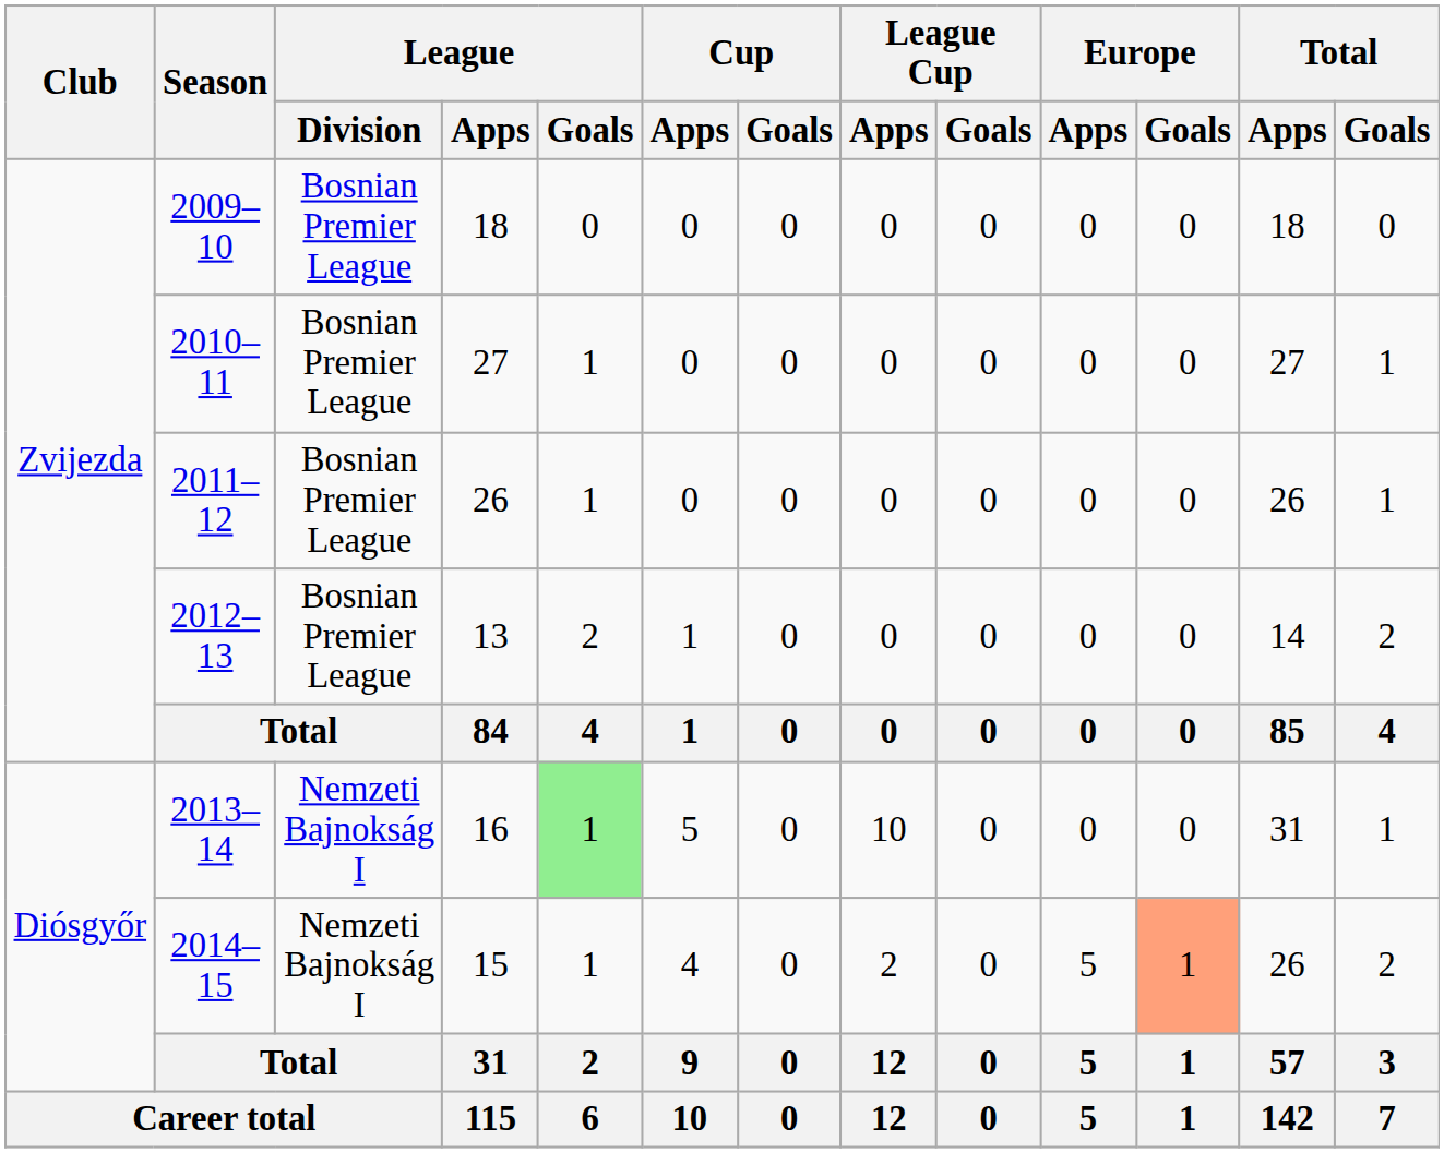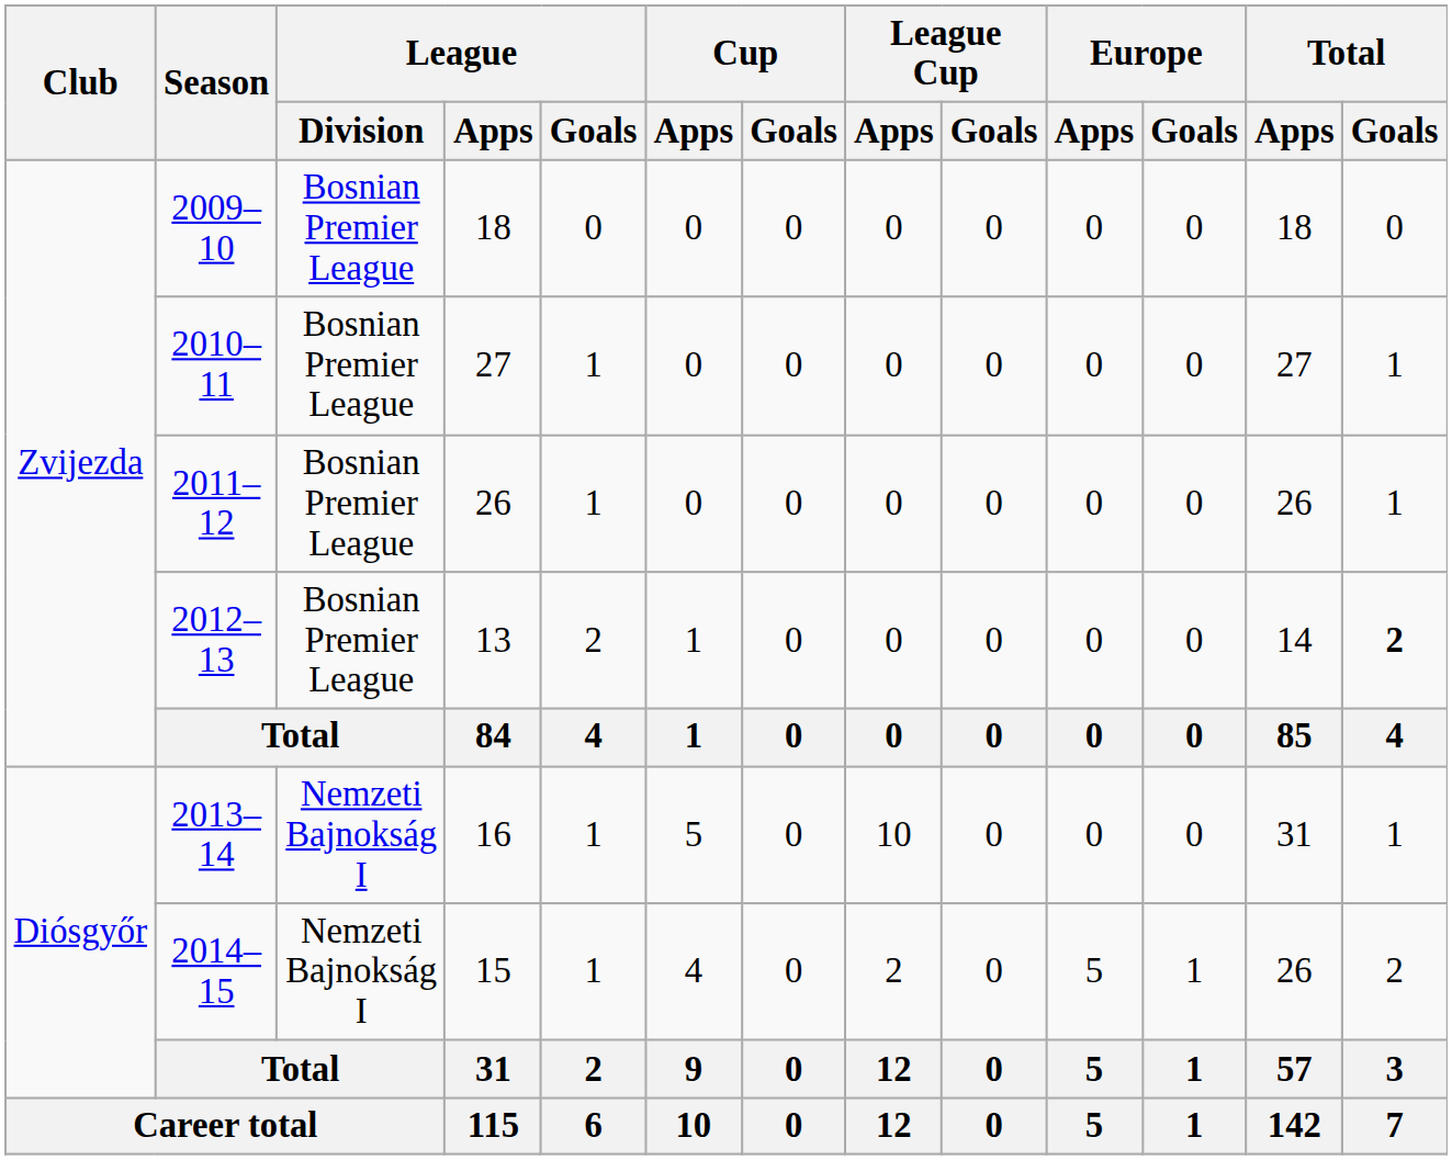 <table class="wikitable" style="text-align: center">
 <tr>
 <th rowspan="2">Club</th>
 <th rowspan="2">Season</th>
 <th colspan="3">League</th>
 <th colspan="2">Cup</th>
 <th colspan="2">League Cup</th>
 <th colspan="2">Europe</th>
 <th colspan="2">Total</th>
 </tr>
 <tr>
 <th>Division</th>
 <th>Apps</th>
 <th>Goals</th>
 <th>Apps</th>
 <th>Goals</th>
 <th>Apps</th>
 <th>Goals</th>
 <th>Apps</th>
 <th>Goals</th>
 <th>Apps</th>
 <th>Goals</th>
 </tr>
 <tr>
 <td rowspan="5"><a href='#'>Zvijezda</a></td>
 <td><a href='#'>2009–10</a></td>
 <td><a href='#'>Bosnian Premier League</a></td>
 <td>18</td>
 <td>0</td>
 <td>0</td>
 <td>0</td>
 <td>0</td>
 <td>0</td>
 <td>0</td>
 <td>0</td>
 <td>18</td>
 <td>0</td>
 </tr>
 <tr>
 <td><a href='#'>2010–11</a></td>
 <td>Bosnian Premier League</td>
 <td>27</td>
 <td>1</td>
 <td>0</td>
 <td>0</td>
 <td>0</td>
 <td>0</td>
 <td>0</td>
 <td>0</td>
 <td>27</td>
 <td>1</td>
 </tr>
 <tr>
 <td><a href='#'>2011–12</a></td>
 <td>Bosnian Premier League</td>
 <td>26</td>
 <td>1</td>
 <td>0</td>
 <td>0</td>
 <td>0</td>
 <td>0</td>
 <td>0</td>
 <td>0</td>
 <td>26</td>
 <td>1</td>
 </tr>
 <tr>
 <td><a href='#'>2012–13</a></td>
 <td>Bosnian Premier League</td>
 <td>13</td>
 <td>2</td>
 <td>1</td>
 <td>0</td>
 <td>0</td>
 <td>0</td>
 <td>0</td>
 <td>0</td>
 <td>14</td>
-<td>2</td>
+<td><strong>2</strong></td>
 </tr>
 <tr>
 <th colspan="2">Total</th>
 <th>84</th>
 <th>4</th>
 <th>1</th>
 <th>0</th>
 <th>0</th>
 <th>0</th>
 <th>0</th>
 <th>0</th>
 <th>85</th>
 <th>4</th>
 </tr>
 <tr>
 <td rowspan="3"><a href='#'>Diósgyőr</a></td>
 <td><a href='#'>2013–14</a></td>
 <td><a href='#'>Nemzeti Bajnokság I</a></td>
 <td>16</td>
-<td style="background: lightgreen;">1</td>
+<td>1</td>
 <td>5</td>
 <td>0</td>
 <td>10</td>
 <td>0</td>
 <td>0</td>
 <td>0</td>
 <td>31</td>
 <td>1</td>
 </tr>
 <tr>
 <td><a href='#'>2014–15</a></td>
 <td>Nemzeti Bajnokság I</td>
 <td>15</td>
 <td>1</td>
 <td>4</td>
 <td>0</td>
 <td>2</td>
 <td>0</td>
 <td>5</td>
-<td style="background: lightsalmon;">1</td>
+<td>1</td>
 <td>26</td>
 <td>2</td>
 </tr>
 <tr>
 <th colspan="2">Total</th>
 <th>31</th>
 <th>2</th>
 <th>9</th>
 <th>0</th>
 <th>12</th>
 <th>0</th>
 <th>5</th>
 <th>1</th>
 <th>57</th>
 <th>3</th>
 </tr>
 <tr>
 <th colspan="3">Career total</th>
 <th>115</th>
 <th>6</th>
 <th>10</th>
 <th>0</th>
 <th>12</th>
 <th>0</th>
 <th>5</th>
 <th>1</th>
 <th>142</th>
 <th>7</th>
 </tr>
 </table>
